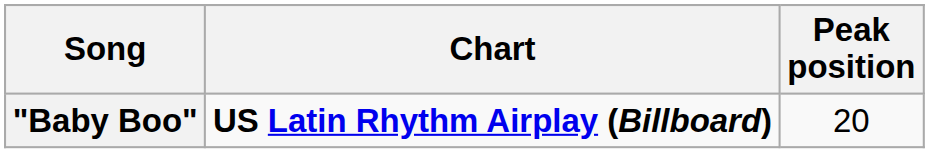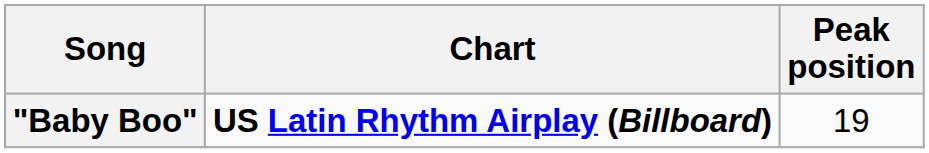 <table class="wikitable plainrowheaders">
 <tr>
 <th>Song</th>
 <th>Chart</th>
 <th>Peak<br>position</th>
 </tr>
 <tr>
 <th scope="row">"Baby Boo"</th>
 <td><strong>US <a href='#'>Latin Rhythm Airplay</a> (<em>Billboard</em>)</strong></td>
-<td align="center">20</td>
+<td align="center">19</td>
 </tr>
 </table>
